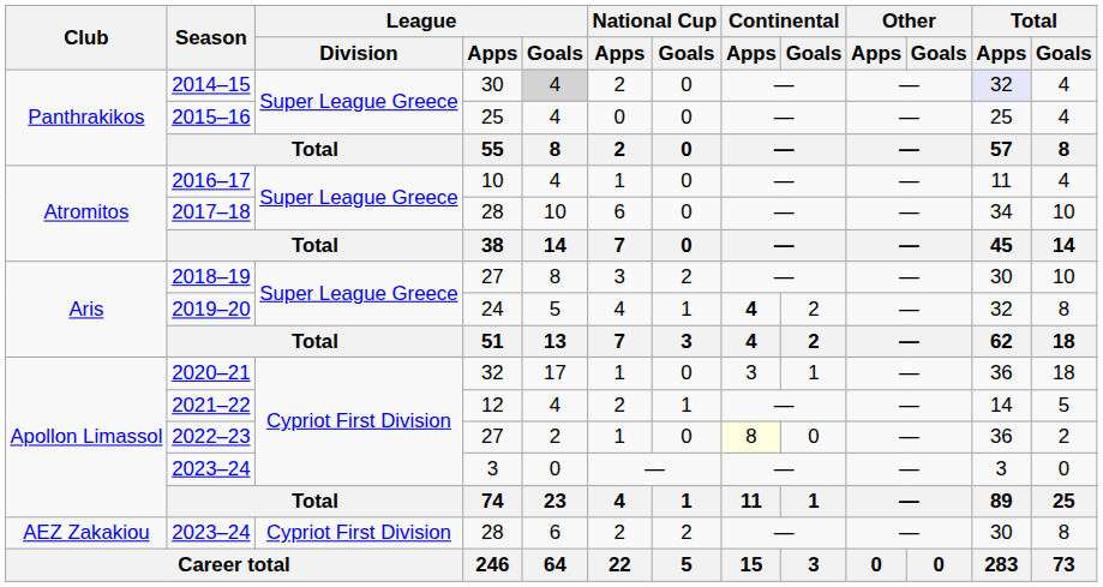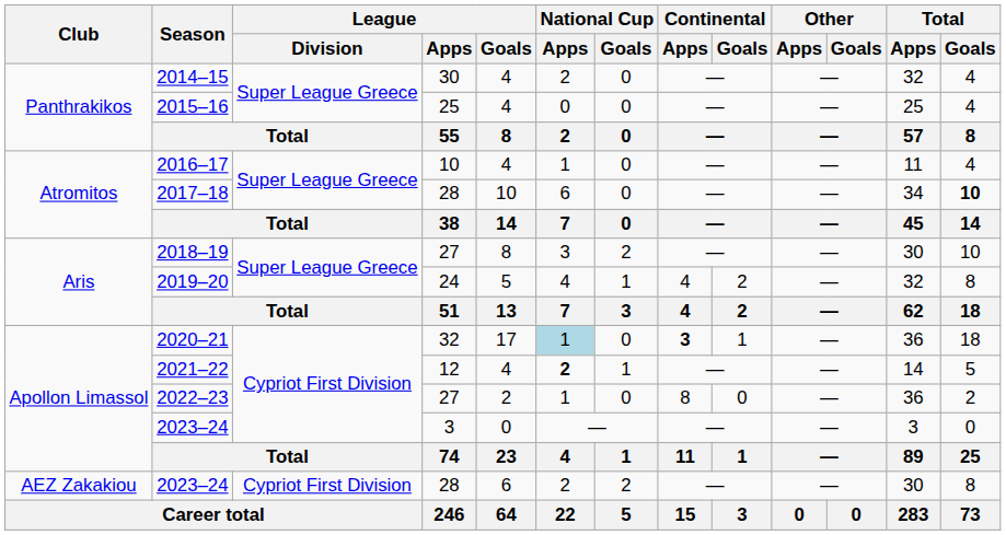 <table class="wikitable" style="text-align:center">
 <tr>
 <th rowspan="2">Club</th>
 <th rowspan="2">Season</th>
 <th colspan="3">League</th>
 <th colspan="2">National Cup</th>
 <th colspan="2">Continental</th>
 <th colspan="2">Other</th>
 <th colspan="2">Total</th>
 </tr>
 <tr>
 <th>Division</th>
 <th>Apps</th>
 <th>Goals</th>
 <th>Apps</th>
 <th>Goals</th>
 <th>Apps</th>
 <th>Goals</th>
 <th>Apps</th>
 <th>Goals</th>
 <th>Apps</th>
 <th>Goals</th>
 </tr>
 <tr>
 <td rowspan="3"><a href='#'>Panthrakikos</a></td>
 <td><a href='#'>2014–15</a></td>
 <td rowspan="2"><a href='#'>Super League Greece</a></td>
 <td>30</td>
-<td style="background: lightgrey;">4</td>
+<td>4</td>
 <td>2</td>
 <td>0</td>
 <td colspan="2">—</td>
 <td colspan="2">—</td>
-<td style="background: lavender;">32</td>
+<td>32</td>
 <td>4</td>
 </tr>
 <tr>
 <td><a href='#'>2015–16</a></td>
 <td>25</td>
 <td>4</td>
 <td>0</td>
 <td>0</td>
 <td colspan="2">—</td>
 <td colspan="2">—</td>
 <td>25</td>
 <td>4</td>
 </tr>
 <tr>
 <th colspan="2">Total</th>
 <th>55</th>
 <th>8</th>
 <th>2</th>
 <th>0</th>
 <th colspan="2">—</th>
 <th colspan="2">—</th>
 <th>57</th>
 <th>8</th>
 </tr>
 <tr>
 <td rowspan="3"><a href='#'>Atromitos</a></td>
 <td><a href='#'>2016–17</a></td>
 <td rowspan="2"><a href='#'>Super League Greece</a></td>
 <td>10</td>
 <td>4</td>
 <td>1</td>
 <td>0</td>
 <td colspan="2">—</td>
 <td colspan="2">—</td>
 <td>11</td>
 <td>4</td>
 </tr>
 <tr>
 <td><a href='#'>2017–18</a></td>
 <td>28</td>
 <td>10</td>
 <td>6</td>
 <td>0</td>
 <td colspan="2">—</td>
 <td colspan="2">—</td>
 <td>34</td>
-<td>10</td>
+<td><strong>10</strong></td>
 </tr>
 <tr>
 <th colspan="2">Total</th>
 <th>38</th>
 <th>14</th>
 <th>7</th>
 <th>0</th>
 <th colspan="2">—</th>
 <th colspan="2">—</th>
 <th>45</th>
 <th>14</th>
 </tr>
 <tr>
 <td rowspan="3"><a href='#'>Aris</a></td>
 <td><a href='#'>2018–19</a></td>
 <td rowspan="2"><a href='#'>Super League Greece</a></td>
 <td>27</td>
 <td>8</td>
 <td>3</td>
 <td>2</td>
 <td colspan="2">—</td>
 <td colspan="2">—</td>
 <td>30</td>
 <td>10</td>
 </tr>
 <tr>
 <td><a href='#'>2019–20</a></td>
 <td>24</td>
 <td>5</td>
 <td>4</td>
 <td>1</td>
-<td><strong>4</strong></td>
+<td>4</td>
 <td>2</td>
 <td colspan="2">—</td>
 <td>32</td>
 <td>8</td>
 </tr>
 <tr>
 <th colspan="2">Total</th>
 <th>51</th>
 <th>13</th>
 <th>7</th>
 <th>3</th>
 <th>4</th>
 <th>2</th>
 <th colspan="2">—</th>
 <th>62</th>
 <th>18</th>
 </tr>
 <tr>
 <td rowspan="5"><a href='#'>Apollon Limassol</a></td>
 <td><a href='#'>2020–21</a></td>
 <td rowspan="4"><a href='#'>Cypriot First Division</a></td>
 <td>32</td>
 <td>17</td>
-<td>1</td>
+<td style="background: lightblue;">1</td>
 <td>0</td>
-<td>3</td>
+<td><strong>3</strong></td>
 <td>1</td>
 <td colspan="2">—</td>
 <td>36</td>
 <td>18</td>
 </tr>
 <tr>
 <td><a href='#'>2021–22</a></td>
 <td>12</td>
 <td>4</td>
-<td>2</td>
+<td><strong>2</strong></td>
 <td>1</td>
 <td colspan="2">—</td>
 <td colspan="2">—</td>
 <td>14</td>
 <td>5</td>
 </tr>
 <tr>
 <td><a href='#'>2022–23</a></td>
 <td>27</td>
 <td>2</td>
 <td>1</td>
 <td>0</td>
-<td style="background: lightyellow;">8</td>
+<td>8</td>
 <td>0</td>
 <td colspan="2">—</td>
 <td>36</td>
 <td>2</td>
 </tr>
 <tr>
 <td><a href='#'>2023–24</a></td>
 <td>3</td>
 <td>0</td>
 <td colspan="2">—</td>
 <td colspan="2">—</td>
 <td colspan="2">—</td>
 <td>3</td>
 <td>0</td>
 </tr>
 <tr>
 <th colspan="2">Total</th>
 <th>74</th>
 <th>23</th>
 <th>4</th>
 <th>1</th>
 <th>11</th>
 <th>1</th>
 <th colspan="2">—</th>
 <th>89</th>
 <th>25</th>
 </tr>
 <tr>
 <td><a href='#'>AEZ Zakakiou</a></td>
 <td><a href='#'>2023–24</a></td>
 <td><a href='#'>Cypriot First Division</a></td>
 <td>28</td>
 <td>6</td>
 <td>2</td>
 <td>2</td>
 <td colspan="2">—</td>
 <td colspan="2">—</td>
 <td>30</td>
 <td>8</td>
 </tr>
 <tr>
 <th colspan="3">Career total</th>
 <th>246</th>
 <th>64</th>
 <th>22</th>
 <th>5</th>
 <th>15</th>
 <th>3</th>
 <th>0</th>
 <th>0</th>
 <th>283</th>
 <th>73</th>
 </tr>
 </table>
